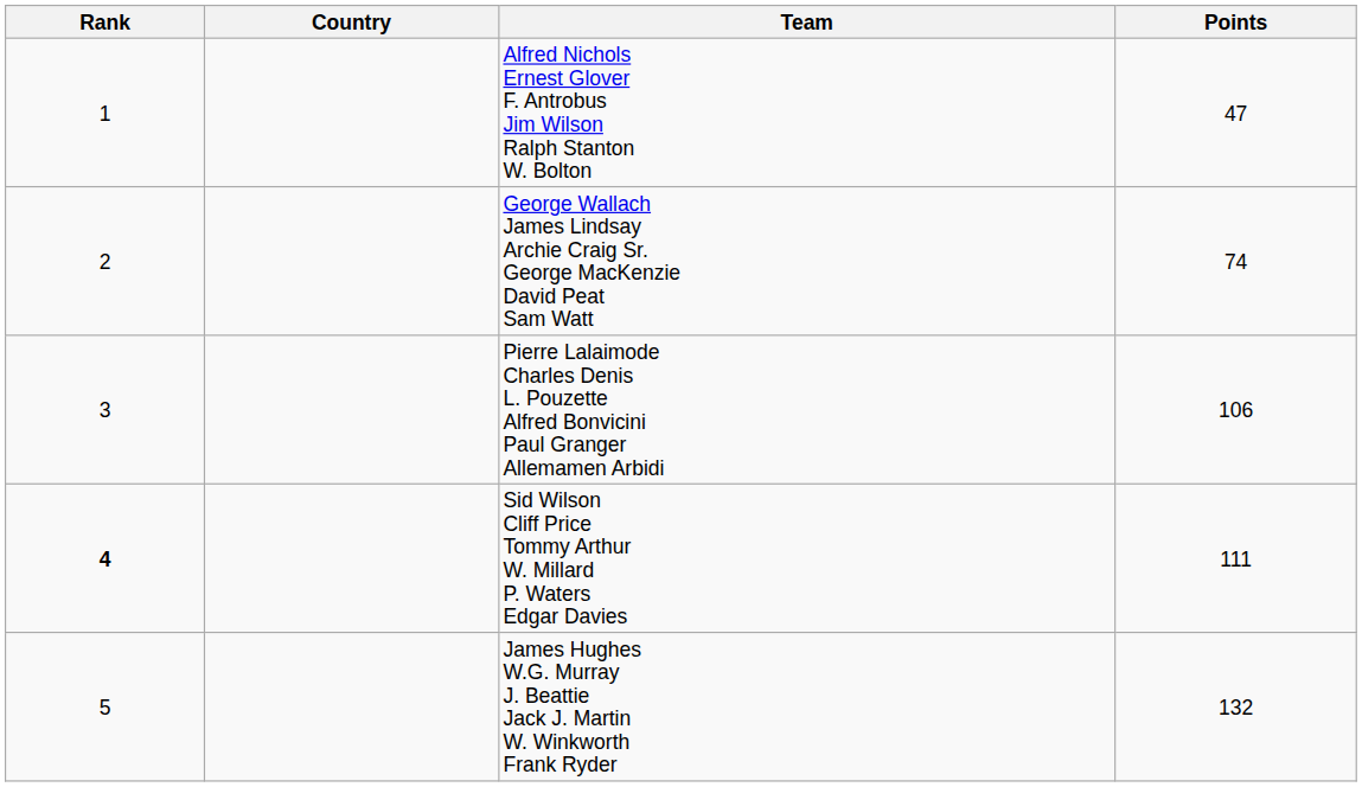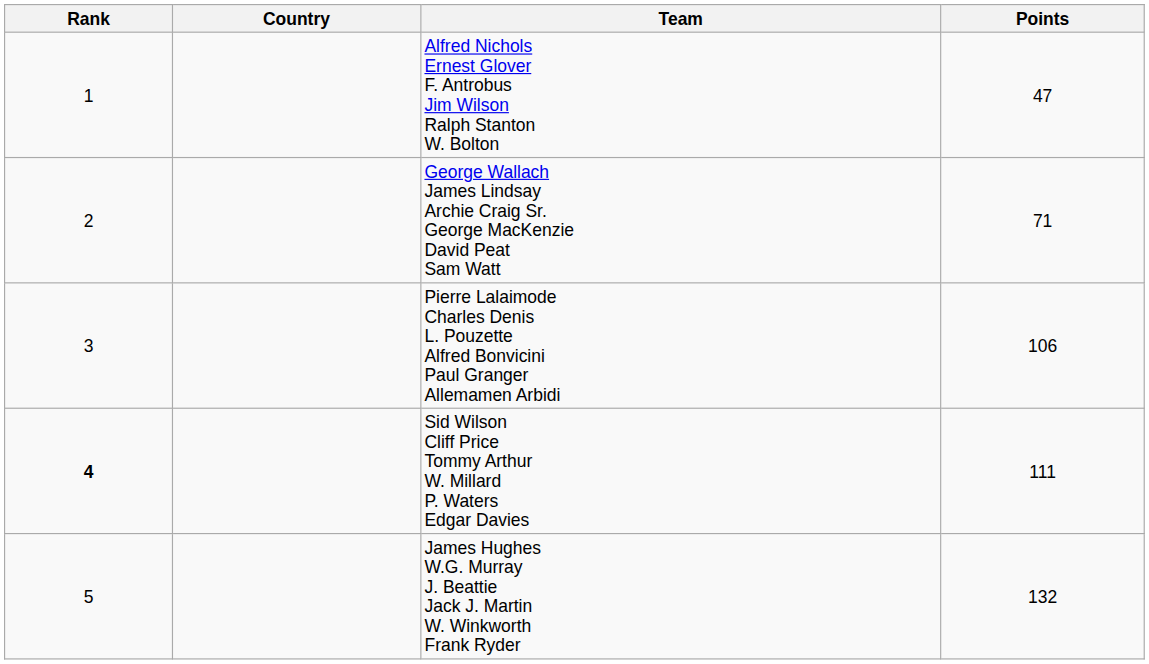 <table class="wikitable sortable" style=" text-align:center; font-size:95%;" width="50%">
 <tr>
 <th>Rank</th>
 <th>Country</th>
 <th>Team</th>
 <th>Points</th>
 </tr>
 <tr>
 <td align=center>1</td>
 <td align=left></td>
 <td align=left><a href='#'>Alfred Nichols</a><br><a href='#'>Ernest Glover</a><br>F. Antrobus<br><a href='#'>Jim Wilson</a><br>Ralph Stanton<br>W. Bolton</td>
 <td>47</td>
 </tr>
 <tr>
 <td align=center>2</td>
 <td align=left></td>
 <td align=left><a href='#'>George Wallach</a><br>James Lindsay<br>Archie Craig Sr.<br>George MacKenzie<br>David Peat<br>Sam Watt</td>
-<td>74</td>
+<td>71</td>
 </tr>
 <tr>
 <td align=center>3</td>
 <td align=left></td>
 <td align=left>Pierre Lalaimode<br>Charles Denis<br>L. Pouzette<br>Alfred Bonvicini<br>Paul Granger<br>Allemamen Arbidi</td>
 <td>106</td>
 </tr>
 <tr>
 <td align=center><strong>4</strong></td>
 <td align=left></td>
 <td align=left>Sid Wilson<br>Cliff Price<br>Tommy Arthur<br>W. Millard<br>P. Waters<br>Edgar Davies</td>
 <td>111</td>
 </tr>
 <tr>
 <td align=center>5</td>
 <td align=left></td>
 <td align=left>James Hughes<br>W.G. Murray<br>J. Beattie<br>Jack J. Martin<br>W. Winkworth<br>Frank Ryder</td>
 <td>132</td>
 </tr>
 </table>
